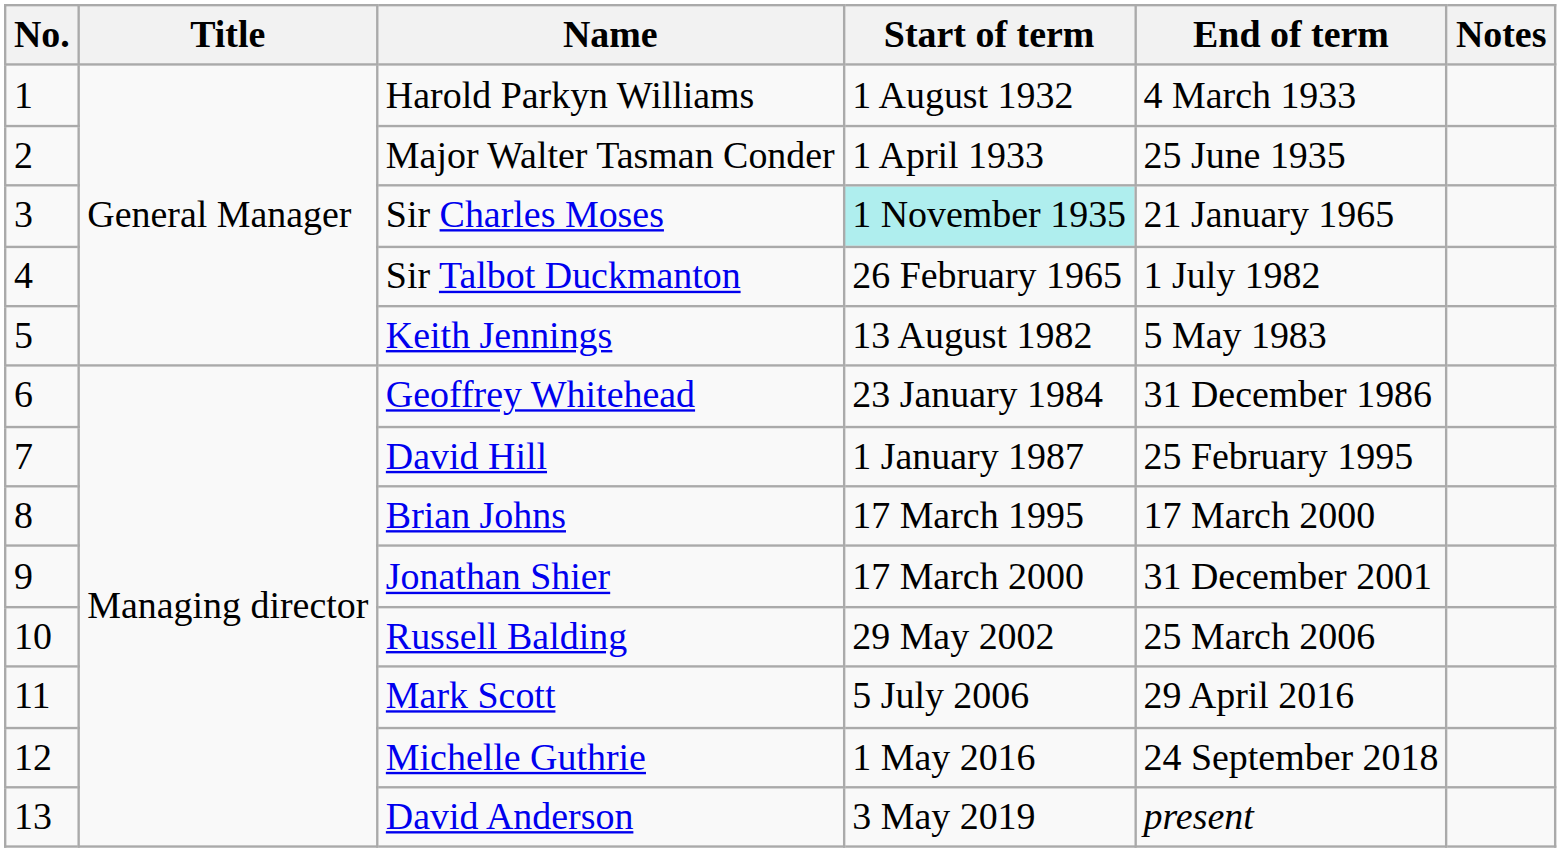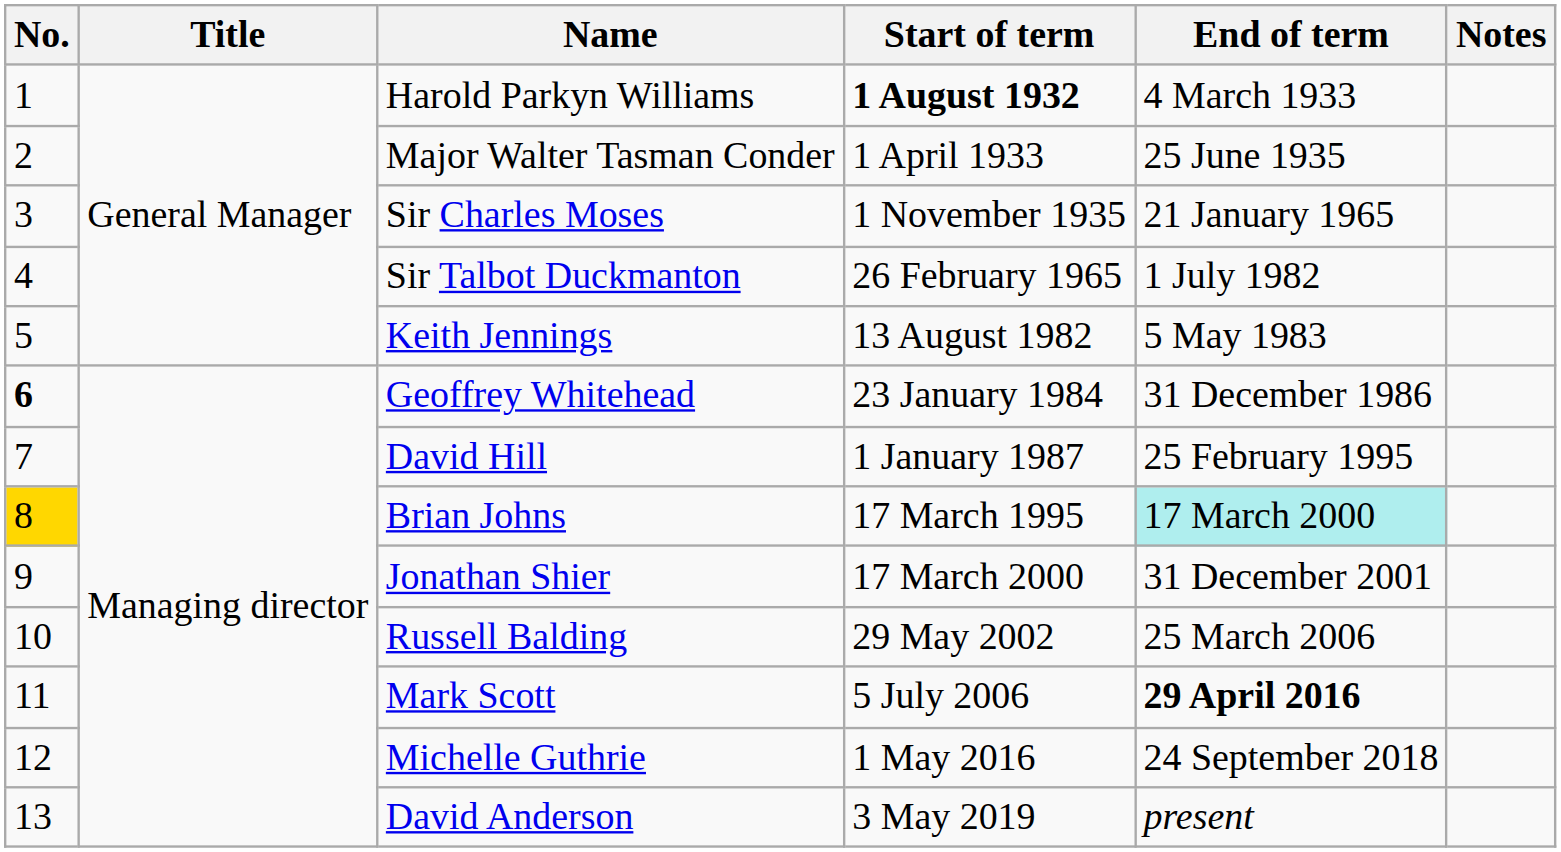 <table class="wikitable sortable">
 <tr>
 <th>No.</th>
 <th>Title</th>
 <th>Name</th>
 <th>Start of term</th>
 <th>End of term</th>
 <th>Notes</th>
 </tr>
 <tr>
 <td>1</td>
 <td rowspan=5>General Manager</td>
 <td>Harold Parkyn Williams</td>
-<td>1 August 1932</td>
+<td><strong>1 August 1932</strong></td>
 <td>4 March 1933</td>
 <td></td>
 </tr>
 <tr>
 <td>2</td>
 <td>Major Walter Tasman Conder</td>
 <td>1 April 1933</td>
 <td>25 June 1935</td>
 <td></td>
 </tr>
 <tr>
 <td>3</td>
 <td>Sir <a href='#'>Charles Moses</a></td>
-<td style="background: paleturquoise;">1 November 1935</td>
+<td>1 November 1935</td>
 <td>21 January 1965</td>
 <td></td>
 </tr>
 <tr>
 <td>4</td>
 <td>Sir <a href='#'>Talbot Duckmanton</a></td>
 <td>26 February 1965</td>
 <td>1 July 1982</td>
 <td></td>
 </tr>
 <tr>
 <td>5</td>
 <td><a href='#'>Keith Jennings</a></td>
 <td>13 August 1982</td>
 <td>5 May 1983</td>
 <td></td>
 </tr>
 <tr>
-<td>6</td>
+<td><strong>6</strong></td>
 <td rowspan=8>Managing director</td>
 <td><a href='#'>Geoffrey Whitehead</a></td>
 <td>23 January 1984</td>
 <td>31 December 1986</td>
 <td></td>
 </tr>
 <tr>
 <td>7</td>
 <td><a href='#'>David Hill</a></td>
 <td>1 January 1987</td>
 <td>25 February 1995</td>
 <td></td>
 </tr>
 <tr>
-<td>8</td>
+<td style="background: gold;">8</td>
 <td><a href='#'>Brian Johns</a></td>
 <td>17 March 1995</td>
-<td>17 March 2000</td>
+<td style="background: paleturquoise;">17 March 2000</td>
 <td></td>
 </tr>
 <tr>
 <td>9</td>
 <td><a href='#'>Jonathan Shier</a></td>
 <td>17 March 2000</td>
 <td>31 December 2001</td>
 <td></td>
 </tr>
 <tr>
 <td>10</td>
 <td><a href='#'>Russell Balding</a></td>
 <td>29 May 2002</td>
 <td>25 March 2006</td>
 <td></td>
 </tr>
 <tr>
 <td>11</td>
 <td><a href='#'>Mark Scott</a></td>
 <td>5 July 2006</td>
-<td>29 April 2016</td>
+<td><strong>29 April 2016</strong></td>
 <td></td>
 </tr>
 <tr>
 <td>12</td>
 <td><a href='#'>Michelle Guthrie</a></td>
 <td>1 May 2016</td>
 <td>24 September 2018</td>
 <td></td>
 </tr>
 <tr>
 <td>13</td>
 <td><a href='#'>David Anderson</a></td>
 <td>3 May 2019</td>
 <td><em>present</em></td>
 <td></td>
 </tr>
 </table>
